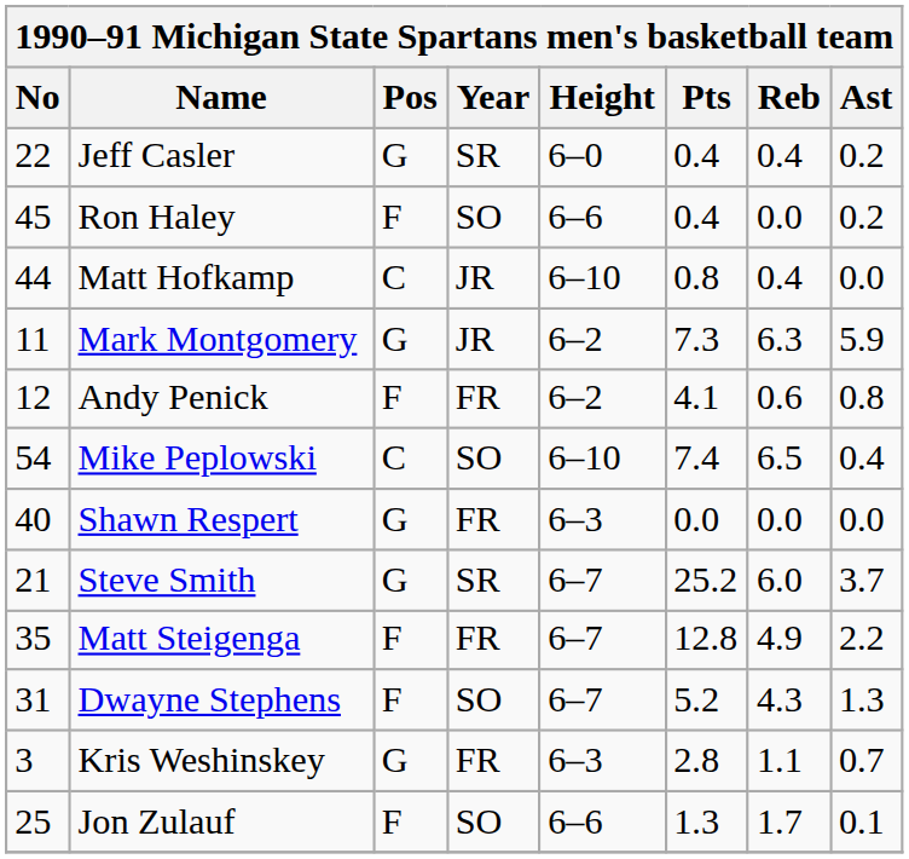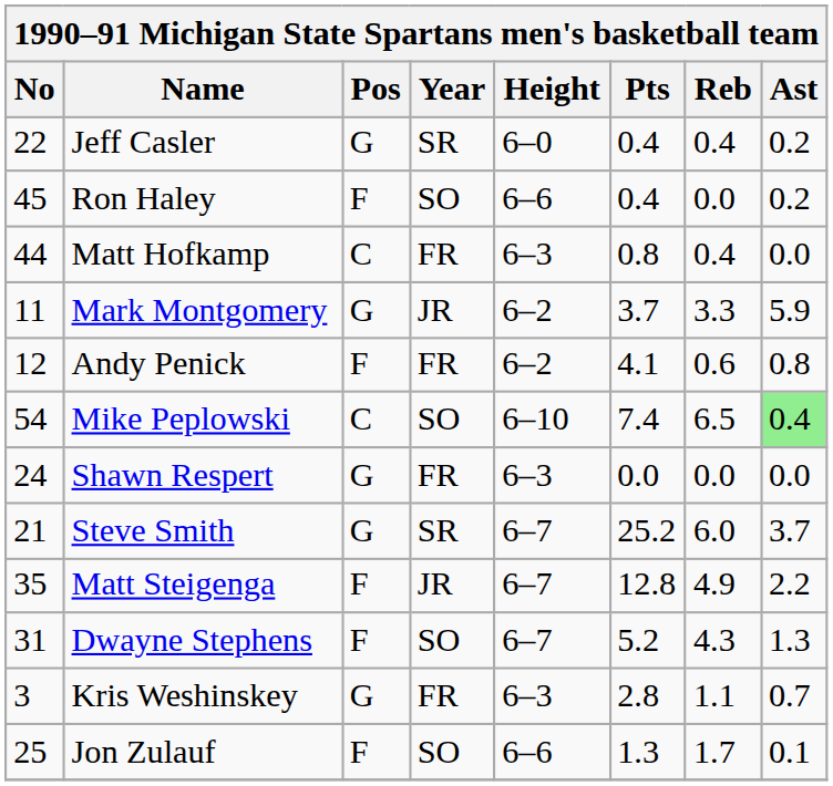 <table class="wikitable sortable" style="font-size: 90%" |->
 <tr>
 <th colspan=9 style=>1990–91 Michigan State Spartans men's basketball team</th>
 </tr>
 <tr>
 <th style="background:#">No</th>
 <th style="background:#">Name</th>
 <th style="background:#">Pos</th>
 <th style="background:#">Year</th>
 <th style="background:#">Height</th>
 <th style="background:#">Pts</th>
 <th style="background:#">Reb</th>
 <th style="background:#">Ast</th>
 </tr>
 <tr>
 <td>22</td>
 <td>Jeff Casler</td>
 <td>G</td>
 <td>SR</td>
 <td>6–0</td>
 <td>0.4</td>
 <td>0.4</td>
 <td>0.2</td>
 </tr>
 <tr>
 <td>45</td>
 <td>Ron Haley</td>
 <td>F</td>
 <td>SO</td>
 <td>6–6</td>
 <td>0.4</td>
 <td>0.0</td>
 <td>0.2</td>
 </tr>
 <tr>
 <td>44</td>
 <td>Matt Hofkamp</td>
 <td>C</td>
-<td>JR</td>
-<td>6–10</td>
+<td>FR</td>
+<td>6–3</td>
 <td>0.8</td>
 <td>0.4</td>
 <td>0.0</td>
 </tr>
 <tr>
 <td>11</td>
 <td><a href='#'>Mark Montgomery</a></td>
 <td>G</td>
 <td>JR</td>
 <td>6–2</td>
-<td>7.3</td>
-<td>6.3</td>
+<td>3.7</td>
+<td>3.3</td>
 <td>5.9</td>
 </tr>
 <tr>
 <td>12</td>
 <td>Andy Penick</td>
 <td>F</td>
 <td>FR</td>
 <td>6–2</td>
 <td>4.1</td>
 <td>0.6</td>
 <td>0.8</td>
 </tr>
 <tr>
 <td>54</td>
 <td><a href='#'>Mike Peplowski</a></td>
 <td>C</td>
 <td>SO</td>
 <td>6–10</td>
 <td>7.4</td>
 <td>6.5</td>
-<td>0.4</td>
+<td style="background: lightgreen;">0.4</td>
 </tr>
 <tr>
-<td>40</td>
+<td>24</td>
 <td><a href='#'>Shawn Respert</a></td>
 <td>G</td>
 <td>FR</td>
 <td>6–3</td>
 <td>0.0</td>
 <td>0.0</td>
 <td>0.0</td>
 </tr>
 <tr>
 <td>21</td>
 <td><a href='#'>Steve Smith</a></td>
 <td>G</td>
 <td>SR</td>
 <td>6–7</td>
 <td>25.2</td>
 <td>6.0</td>
 <td>3.7</td>
 </tr>
 <tr>
 <td>35</td>
 <td><a href='#'>Matt Steigenga</a></td>
 <td>F</td>
-<td>FR</td>
+<td>JR</td>
 <td>6–7</td>
 <td>12.8</td>
 <td>4.9</td>
 <td>2.2</td>
 </tr>
 <tr>
 <td>31</td>
 <td><a href='#'>Dwayne Stephens</a></td>
 <td>F</td>
 <td>SO</td>
 <td>6–7</td>
 <td>5.2</td>
 <td>4.3</td>
 <td>1.3</td>
 </tr>
 <tr>
 <td>3</td>
 <td>Kris Weshinskey</td>
 <td>G</td>
 <td>FR</td>
 <td>6–3</td>
 <td>2.8</td>
 <td>1.1</td>
 <td>0.7</td>
 </tr>
 <tr>
 <td>25</td>
 <td>Jon Zulauf</td>
 <td>F</td>
 <td>SO</td>
 <td>6–6</td>
 <td>1.3</td>
 <td>1.7</td>
 <td>0.1</td>
 </tr>
 <tr>
 </tr>
 </table>
